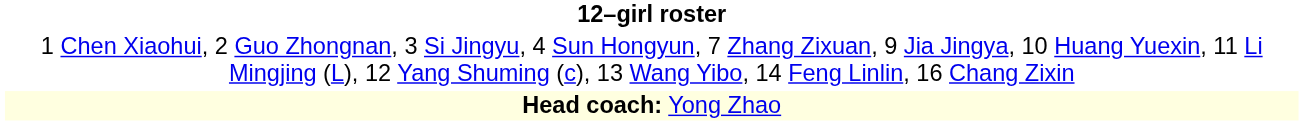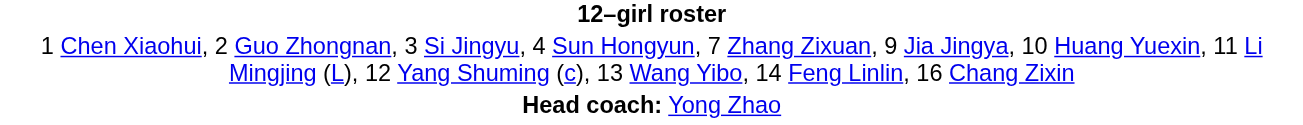 <table style="text-align:center; margin-top:2em; margin-left:auto; margin-right:auto">
 <tr>
 <td><strong>12–girl roster</strong></td>
 </tr>
 <tr>
 <td>1 <a href='#'>Chen Xiaohui</a>, 2 <a href='#'>Guo Zhongnan</a>, 3 <a href='#'>Si Jingyu</a>, 4 <a href='#'>Sun Hongyun</a>, 7 <a href='#'>Zhang Zixuan</a>, 9 <a href='#'>Jia Jingya</a>, 10 <a href='#'>Huang Yuexin</a>, 11 <a href='#'>Li Mingjing</a> (<a href='#'>L</a>), 12 <a href='#'>Yang Shuming</a> (<a href='#'>c</a>), 13 <a href='#'>Wang Yibo</a>, 14 <a href='#'>Feng Linlin</a>, 16 <a href='#'>Chang Zixin</a></td>
 </tr>
 <tr>
-<td style="background: lightyellow;"><strong>Head coach:</strong>  <a href='#'>Yong Zhao</a></td>
+<td><strong>Head coach:</strong>  <a href='#'>Yong Zhao</a></td>
 </tr>
 </table>
